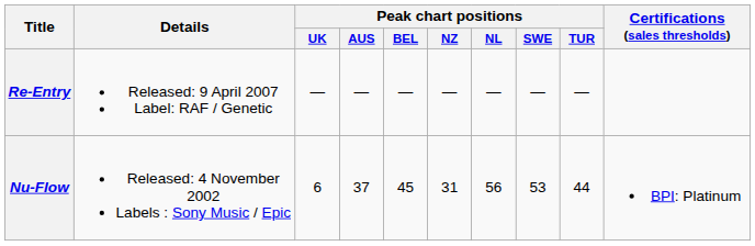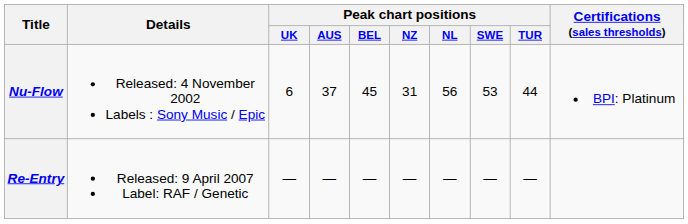 <table class="wikitable plainrowheaders" style="text-align:center">
 <tr>
 <th rowspan="2">Title</th>
 <th rowspan="2" style="width:230px;">Details</th>
 <th colspan="7">Peak chart positions</th>
 <th rowspan="2" style="width:150px;"><a href='#'>Certifications</a><br><small>(<a href='#'>sales thresholds</a>)</small></th>
 </tr>
 <tr>
 <th style="width:3em;font-size:85%"><a href='#'>UK</a><br></th>
 <th style="width:3em;font-size:85%"><a href='#'>AUS</a><br></th>
 <th style="width:3em;font-size:85%"><a href='#'>BEL</a><br></th>
 <th style="width:3em;font-size:85%"><a href='#'>NZ</a><br></th>
 <th style="width:3em;font-size:85%"><a href='#'>NL</a><br></th>
 <th style="width:3em;font-size:85%"><a href='#'>SWE</a><br></th>
 <th style="width:3em;font-size:85%"><a href='#'>TUR</a><br></th>
 </tr>
 <tr>
+<th scope="row"><em><a href='#'>Nu-Flow</a></em></th>
+<td><br><ul><li>Released: 4 November 2002</li><li>Labels : <a href='#'>Sony Music</a> / <a href='#'>Epic</a></li></ul></td>
+<td>6</td>
+<td>37</td>
+<td>45</td>
+<td>31</td>
+<td>56</td>
+<td>53</td>
+<td>44</td>
+<td><br><ul><li><a href='#'>BPI</a>: Platinum</li></ul></td>
+</tr>
+<tr>
 <th scope="row"><em><a href='#'>Re-Entry</a></em></th>
 <td><br><ul><li>Released: 9 April 2007</li><li>Label: RAF / Genetic</li></ul></td>
 <td>—</td>
 <td>—</td>
 <td>—</td>
 <td>—</td>
 <td>—</td>
 <td>—</td>
 <td>—</td>
 <td></td>
 </tr>
-<tr>
-<th scope="row"><em><a href='#'>Nu-Flow</a></em></th>
-<td><br><ul><li>Released: 4 November 2002</li><li>Labels : <a href='#'>Sony Music</a> / <a href='#'>Epic</a></li></ul></td>
-<td>6</td>
-<td>37</td>
-<td>45</td>
-<td>31</td>
-<td>56</td>
-<td>53</td>
-<td>44</td>
-<td><br><ul><li><a href='#'>BPI</a>: Platinum</li></ul></td>
-</tr>
 </table>
